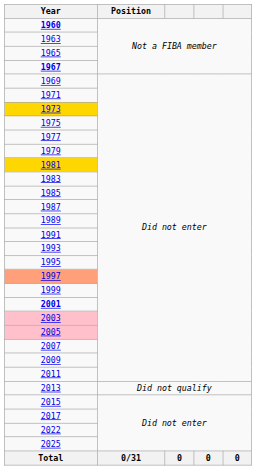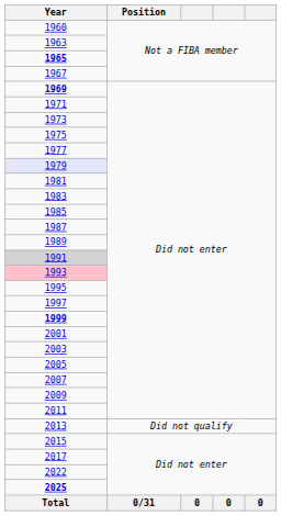 <table class="wikitable" style="text-align: center;font-size:90%;">
 <tr>
 <th width=125>Year</th>
 <th width=90>Position</th>
 <th width=35></th>
 <th width=35></th>
 <th width=35></th>
 </tr>
 <tr>
-<td><strong> <a href='#'>1960</a></strong></td>
+<td> <a href='#'>1960</a></td>
 <td colspan="4" rowspan="4"><em>Not a FIBA member</em></td>
 </tr>
 <tr>
 <td> <a href='#'>1963</a></td>
 </tr>
 <tr>
-<td> <a href='#'>1965</a></td>
+<td><strong> <a href='#'>1965</a></strong></td>
 </tr>
 <tr>
-<td><strong> <a href='#'>1967</a></strong></td>
+<td> <a href='#'>1967</a></td>
 </tr>
 <tr>
-<td> <a href='#'>1969</a></td>
+<td><strong> <a href='#'>1969</a></strong></td>
 <td colspan="4" rowspan="22"><em>Did not enter</em></td>
 </tr>
 <tr>
 <td> <a href='#'>1971</a></td>
 </tr>
 <tr>
-<td style="background: gold;"> <a href='#'>1973</a></td>
+<td> <a href='#'>1973</a></td>
 </tr>
 <tr>
 <td> <a href='#'>1975</a></td>
 </tr>
 <tr>
 <td> <a href='#'>1977</a></td>
 </tr>
 <tr>
-<td> <a href='#'>1979</a></td>
+<td style="background: lavender;"> <a href='#'>1979</a></td>
 </tr>
 <tr>
-<td style="background: gold;"> <a href='#'>1981</a></td>
+<td> <a href='#'>1981</a></td>
 </tr>
 <tr>
 <td> <a href='#'>1983</a></td>
 </tr>
 <tr>
 <td> <a href='#'>1985</a></td>
 </tr>
 <tr>
 <td> <a href='#'>1987</a></td>
 </tr>
 <tr>
 <td> <a href='#'>1989</a></td>
 </tr>
 <tr>
-<td> <a href='#'>1991</a></td>
+<td style="background: lightgrey;"> <a href='#'>1991</a></td>
 </tr>
 <tr>
-<td> <a href='#'>1993</a></td>
+<td style="background: pink;"> <a href='#'>1993</a></td>
 </tr>
 <tr>
 <td> <a href='#'>1995</a></td>
 </tr>
 <tr>
-<td style="background: lightsalmon;"> <a href='#'>1997</a></td>
+<td> <a href='#'>1997</a></td>
 </tr>
 <tr>
-<td> <a href='#'>1999</a></td>
+<td><strong> <a href='#'>1999</a></strong></td>
 </tr>
 <tr>
-<td><strong> <a href='#'>2001</a></strong></td>
+<td> <a href='#'>2001</a></td>
 </tr>
 <tr>
-<td style="background: pink;"> <a href='#'>2003</a></td>
+<td> <a href='#'>2003</a></td>
 </tr>
 <tr>
-<td style="background: pink;"> <a href='#'>2005</a></td>
+<td> <a href='#'>2005</a></td>
 </tr>
 <tr>
 <td> <a href='#'>2007</a></td>
 </tr>
 <tr>
 <td> <a href='#'>2009</a></td>
 </tr>
 <tr>
 <td> <a href='#'>2011</a></td>
 </tr>
 <tr>
 <td> <a href='#'>2013</a></td>
 <td colspan=4><em>Did not qualify</em></td>
 </tr>
 <tr>
 <td> <a href='#'>2015</a></td>
 <td rowspan=4 colspan=4><em>Did not enter</em></td>
 </tr>
 <tr>
 <td> <a href='#'>2017</a></td>
 </tr>
 <tr>
 <td> <a href='#'>2022</a></td>
 </tr>
 <tr>
-<td> <a href='#'>2025</a></td>
+<td><strong> <a href='#'>2025</a></strong></td>
 </tr>
 <tr>
 <th>Total</th>
 <th>0/31</th>
 <th>0</th>
 <th>0</th>
 <th>0</th>
 </tr>
 </table>
